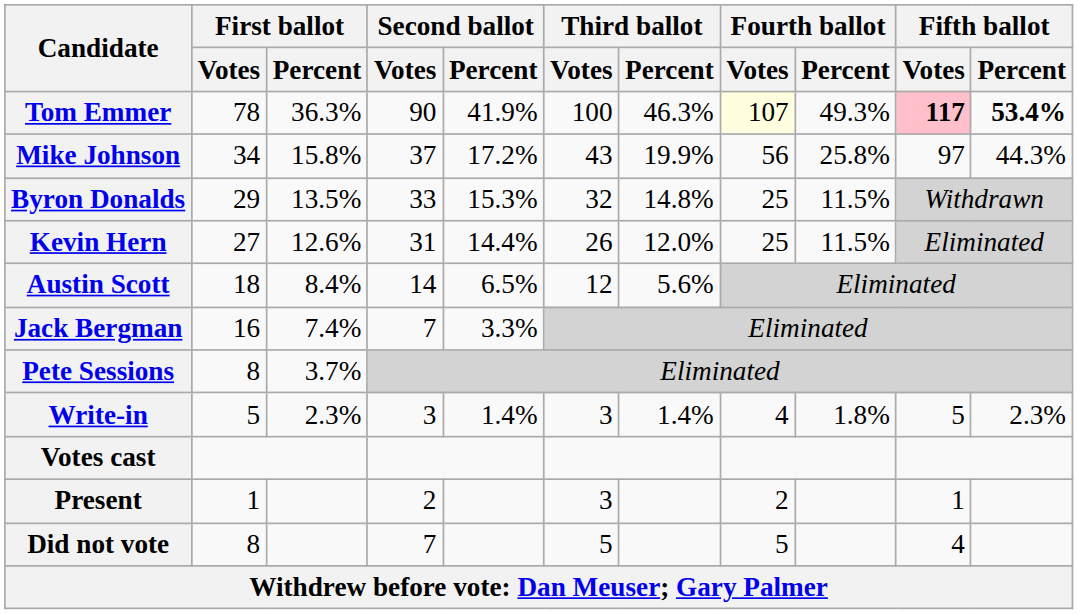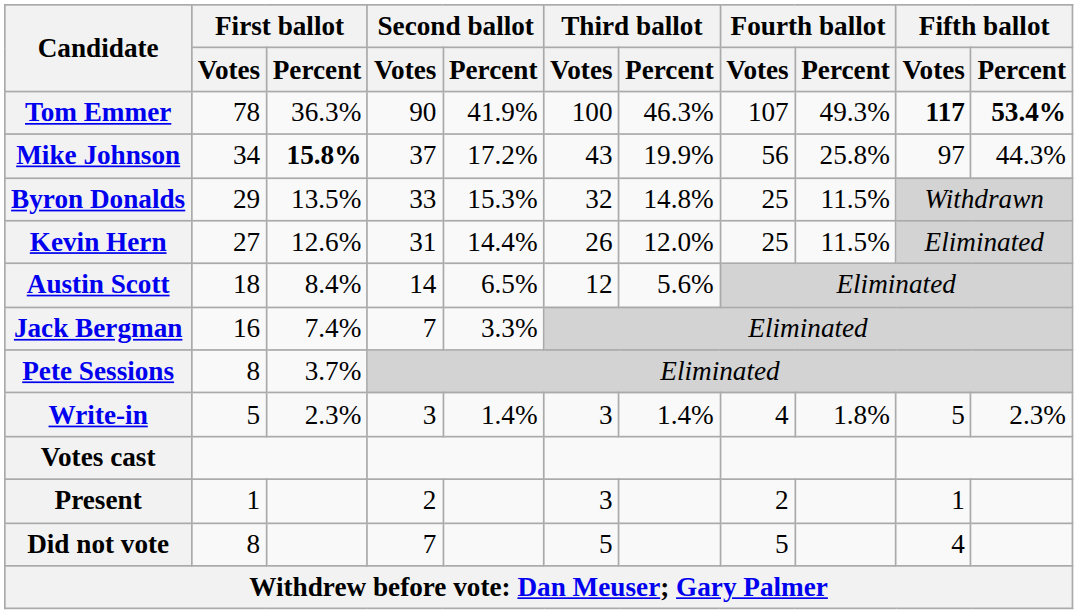 <table class="wikitable plainrowheaders" style="text-align:right">
 <tr>
 <th rowspan=2>Candidate</th>
 <th colspan=2 class="unsortable">First ballot</th>
 <th colspan=2 class="unsortable">Second ballot</th>
 <th colspan=2 class="unsortable">Third ballot</th>
 <th colspan=2 class="unsortable">Fourth ballot</th>
 <th colspan=2 class="unsortable">Fifth ballot</th>
 </tr>
 <tr>
 <th>Votes</th>
 <th>Percent</th>
 <th>Votes</th>
 <th>Percent</th>
 <th>Votes</th>
 <th>Percent</th>
 <th>Votes</th>
 <th>Percent</th>
 <th>Votes</th>
 <th>Percent</th>
 </tr>
 <tr>
 <th scope="row"><strong><a href='#'>Tom Emmer</a></strong></th>
 <td>78</td>
 <td>36.3%</td>
 <td>90</td>
 <td>41.9%</td>
 <td>100</td>
 <td>46.3%</td>
-<td style="background: lightyellow;">107</td>
+<td>107</td>
 <td>49.3%</td>
-<td style="background: pink;"><strong> 117</strong></td>
+<td><strong> 117</strong></td>
 <td><strong>53.4%</strong></td>
 </tr>
 <tr>
 <th scope="row"><a href='#'>Mike Johnson</a></th>
 <td>34</td>
-<td>15.8%</td>
+<td><strong>15.8%</strong></td>
 <td>37</td>
 <td>17.2%</td>
 <td>43</td>
 <td>19.9%</td>
 <td>56</td>
 <td>25.8%</td>
 <td> 97</td>
 <td>44.3%</td>
 </tr>
 <tr>
 <th scope="row"><a href='#'>Byron Donalds</a></th>
 <td>29</td>
 <td>13.5%</td>
 <td>33</td>
 <td>15.3%</td>
 <td>32</td>
 <td>14.8%</td>
 <td> 25</td>
 <td>11.5%</td>
 <td colspan=2 style="background:lightgrey; text-align:center"><em>Withdrawn</em></td>
 </tr>
 <tr>
 <th scope="row"><a href='#'>Kevin Hern</a></th>
 <td>27</td>
 <td>12.6%</td>
 <td>31</td>
 <td>14.4%</td>
 <td>26</td>
 <td>12.0%</td>
 <td> 25</td>
 <td>11.5%</td>
 <td colspan=2 style="background:lightgrey; text-align:center"><em>Eliminated</em></td>
 </tr>
 <tr>
 <th scope="row"><a href='#'>Austin Scott</a></th>
 <td>18</td>
 <td>8.4%</td>
 <td>14</td>
 <td>6.5%</td>
 <td> 12</td>
 <td>5.6%</td>
 <td colspan=4 style="background:lightgrey; text-align:center"><em>Eliminated</em></td>
 </tr>
 <tr>
 <th scope="row"><a href='#'>Jack Bergman</a></th>
 <td>16</td>
 <td>7.4%</td>
 <td> 7</td>
 <td>3.3%</td>
 <td colspan=6 style="background:lightgrey; text-align:center"><em>Eliminated</em></td>
 </tr>
 <tr>
 <th scope="row"><a href='#'>Pete Sessions</a></th>
 <td> 8</td>
 <td>3.7%</td>
 <td colspan=8 style="background:lightgrey; text-align:center"><em>Eliminated</em></td>
 </tr>
 <tr>
 <th scope="row"><a href='#'>Write-in</a></th>
 <td>5</td>
 <td>2.3%</td>
 <td>3</td>
 <td>1.4%</td>
 <td>3</td>
 <td>1.4%</td>
 <td>4</td>
 <td>1.8%</td>
 <td>5</td>
 <td>2.3%</td>
 </tr>
 <tr>
 <th scope="row">Votes cast</th>
 <td colspan=2></td>
 <td colspan=2></td>
 <td colspan=2></td>
 <td colspan=2></td>
 <td colspan=2></td>
 </tr>
 <tr>
 <th scope="row">Present</th>
 <td>1</td>
 <td></td>
 <td>2</td>
 <td></td>
 <td>3</td>
 <td></td>
 <td>2</td>
 <td></td>
 <td>1</td>
 <td></td>
 </tr>
 <tr>
 <th scope="row">Did not vote</th>
 <td>8</td>
 <td></td>
 <td>7</td>
 <td></td>
 <td>5</td>
 <td></td>
 <td>5</td>
 <td></td>
 <td>4</td>
 <td></td>
 </tr>
 <tr>
 <th scope="row" colspan=11>Withdrew before vote: <a href='#'>Dan Meuser</a>; <a href='#'>Gary Palmer</a></th>
 </tr>
 </table>
